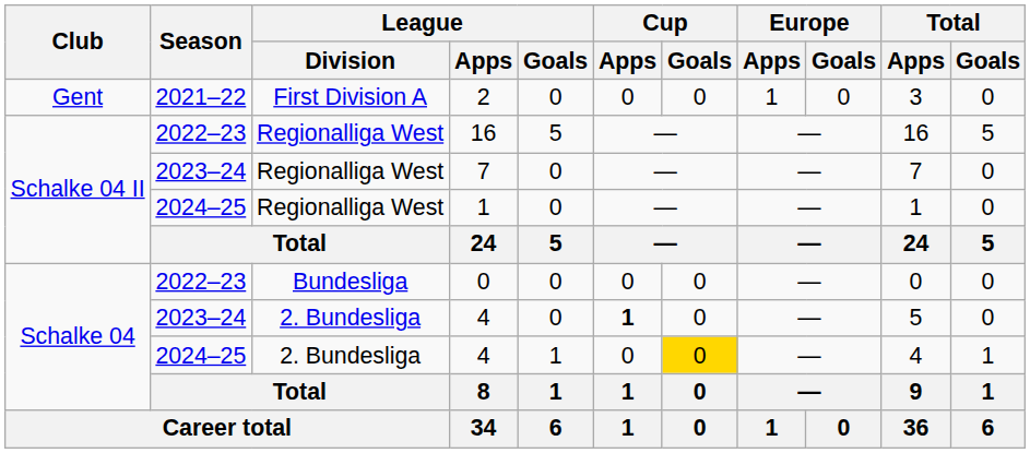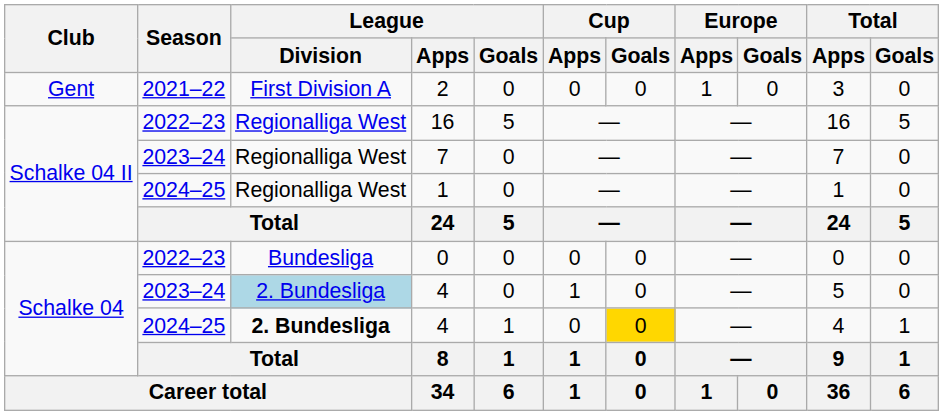 <table class="wikitable nowrap" style="text-align:center">
 <tr>
 <th rowspan="2">Club</th>
 <th rowspan="2">Season</th>
 <th colspan="3">League</th>
 <th colspan="2">Cup</th>
 <th colspan="2">Europe</th>
 <th colspan="2">Total</th>
 </tr>
 <tr>
 <th>Division</th>
 <th>Apps</th>
 <th>Goals</th>
 <th>Apps</th>
 <th>Goals</th>
 <th>Apps</th>
 <th>Goals</th>
 <th>Apps</th>
 <th>Goals</th>
 </tr>
 <tr>
 <td><a href='#'>Gent</a></td>
 <td><a href='#'>2021–22</a></td>
 <td><a href='#'>First Division A</a></td>
 <td>2</td>
 <td>0</td>
 <td>0</td>
 <td>0</td>
 <td>1</td>
 <td>0</td>
 <td>3</td>
 <td>0</td>
 </tr>
 <tr>
 <td rowspan="4"><a href='#'>Schalke 04 II</a></td>
 <td><a href='#'>2022–23</a></td>
 <td><a href='#'>Regionalliga West</a></td>
 <td>16</td>
 <td>5</td>
 <td colspan="2">—</td>
 <td colspan="2">—</td>
 <td>16</td>
 <td>5</td>
 </tr>
 <tr>
 <td><a href='#'>2023–24</a></td>
 <td>Regionalliga West</td>
 <td>7</td>
 <td>0</td>
 <td colspan="2">—</td>
 <td colspan="2">—</td>
 <td>7</td>
 <td>0</td>
 </tr>
 <tr>
 <td><a href='#'>2024–25</a></td>
 <td>Regionalliga West</td>
 <td>1</td>
 <td>0</td>
 <td colspan="2">—</td>
 <td colspan="2">—</td>
 <td>1</td>
 <td>0</td>
 </tr>
 <tr>
 <th colspan="2">Total</th>
 <th>24</th>
 <th>5</th>
 <th colspan=2>—</th>
 <th colspan=2>—</th>
 <th>24</th>
 <th>5</th>
 </tr>
 <tr>
 <td rowspan="4"><a href='#'>Schalke 04</a></td>
 <td><a href='#'>2022–23</a></td>
 <td><a href='#'>Bundesliga</a></td>
 <td>0</td>
 <td>0</td>
 <td>0</td>
 <td>0</td>
 <td colspan="2">—</td>
 <td>0</td>
 <td>0</td>
 </tr>
 <tr>
 <td><a href='#'>2023–24</a></td>
-<td><a href='#'>2. Bundesliga</a></td>
+<td style="background: lightblue;"><a href='#'>2. Bundesliga</a></td>
 <td>4</td>
 <td>0</td>
-<td><strong>1</strong></td>
+<td>1</td>
 <td>0</td>
 <td colspan="2">—</td>
 <td>5</td>
 <td>0</td>
 </tr>
 <tr>
 <td><a href='#'>2024–25</a></td>
-<td>2. Bundesliga</td>
+<td><strong>2. Bundesliga</strong></td>
 <td>4</td>
 <td>1</td>
 <td>0</td>
 <td style="background: gold;">0</td>
 <td colspan="2">—</td>
 <td>4</td>
 <td>1</td>
 </tr>
 <tr>
 <th colspan="2">Total</th>
 <th>8</th>
 <th>1</th>
 <th>1</th>
 <th>0</th>
 <th colspan=2>—</th>
 <th>9</th>
 <th>1</th>
 </tr>
 <tr>
 <th colspan="3">Career total</th>
 <th>34</th>
 <th>6</th>
 <th>1</th>
 <th>0</th>
 <th>1</th>
 <th>0</th>
 <th>36</th>
 <th>6</th>
 </tr>
 </table>
